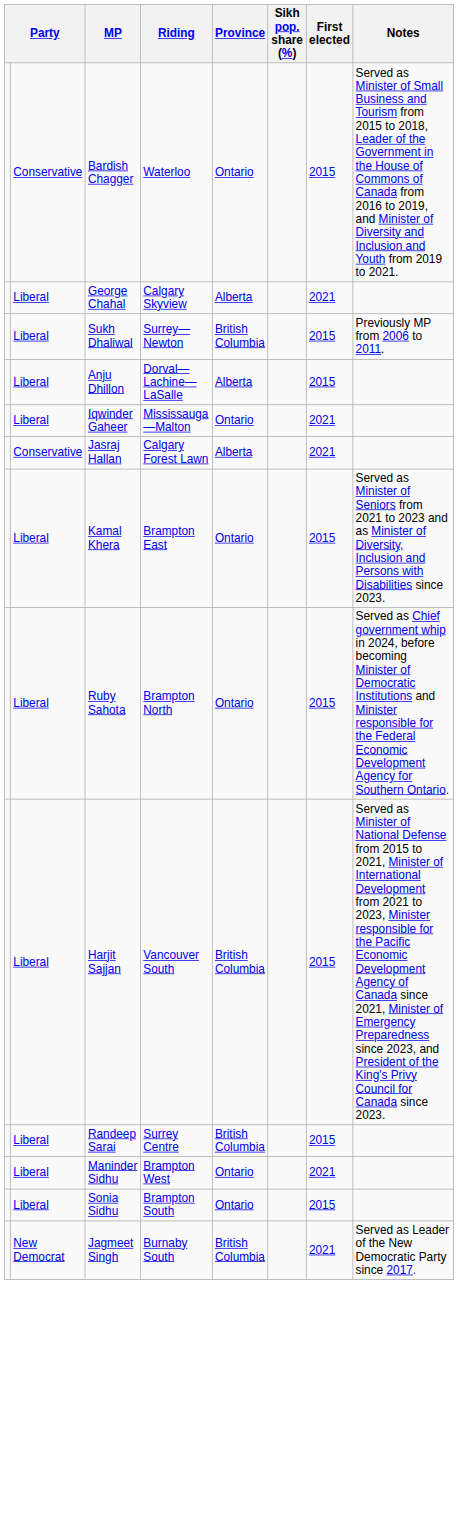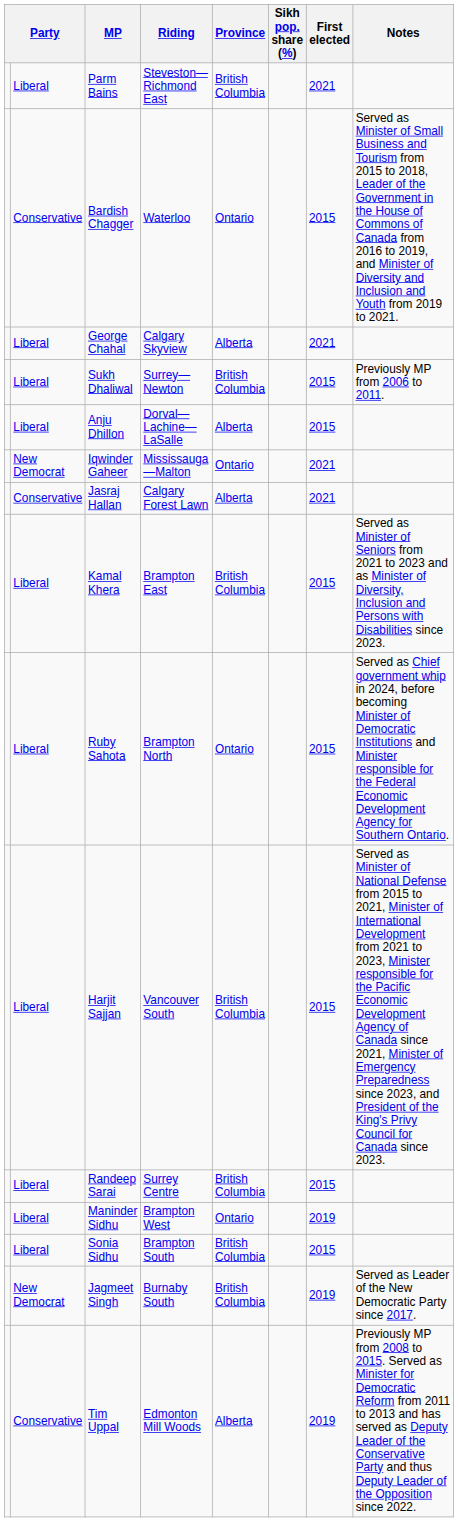 <table class="wikitable collapsible sortable">
 <tr>
 <th colspan="2"><a href='#'>Party</a></th>
 <th><a href='#'>MP</a></th>
 <th><a href='#'>Riding</a></th>
 <th><a href='#'>Province</a></th>
 <th>Sikh <a href='#'>pop.</a> share (<a href='#'>%</a>)</th>
 <th>First elected</th>
 <th>Notes</th>
+</tr>
+<tr>
+<td style="width:1px; background:"></td>
+<td><a href='#'>Liberal</a></td>
+<td><a href='#'>Parm Bains</a></td>
+<td><a href='#'>Steveston—Richmond East</a></td>
+<td><a href='#'>British Columbia</a></td>
+<td></td>
+<td><a href='#'>2021</a></td>
+<td></td>
 </tr>
 <tr>
 <td style="width:1px; background:"></td>
 <td><a href='#'>Conservative</a></td>
 <td><a href='#'>Bardish Chagger</a></td>
 <td><a href='#'>Waterloo</a></td>
 <td><a href='#'>Ontario</a></td>
 <td></td>
 <td><a href='#'>2015</a></td>
 <td>Served as <a href='#'>Minister of Small Business and Tourism</a> from 2015 to 2018, <a href='#'>Leader of the Government in the House of Commons of Canada</a> from 2016 to 2019, and <a href='#'>Minister of Diversity and Inclusion and Youth</a> from 2019 to 2021.</td>
 </tr>
 <tr>
 <td style="width:1px; background:"></td>
 <td><a href='#'>Liberal</a></td>
 <td><a href='#'>George Chahal</a></td>
 <td><a href='#'>Calgary Skyview</a></td>
 <td><a href='#'>Alberta</a></td>
 <td></td>
 <td><a href='#'>2021</a></td>
 <td></td>
 </tr>
 <tr>
 <td style="width:1px; background:"></td>
 <td><a href='#'>Liberal</a></td>
 <td><a href='#'>Sukh Dhaliwal</a></td>
 <td><a href='#'>Surrey—Newton</a></td>
 <td><a href='#'>British Columbia</a></td>
 <td></td>
 <td><a href='#'>2015</a></td>
 <td>Previously MP from <a href='#'>2006</a> to <a href='#'>2011</a>.</td>
 </tr>
 <tr>
 <td style="width:1px; background:"></td>
 <td><a href='#'>Liberal</a></td>
 <td><a href='#'>Anju Dhillon</a></td>
 <td><a href='#'>Dorval—Lachine—LaSalle</a></td>
 <td><a href='#'>Alberta</a></td>
 <td></td>
 <td><a href='#'>2015</a></td>
 <td></td>
 </tr>
 <tr>
 <td style="width:1px; background:"></td>
-<td><a href='#'>Liberal</a></td>
+<td><a href='#'>New Democrat</a></td>
 <td><a href='#'>Iqwinder Gaheer</a></td>
 <td><a href='#'>Mississauga—Malton</a></td>
 <td><a href='#'>Ontario</a></td>
 <td></td>
 <td><a href='#'>2021</a></td>
 <td></td>
 </tr>
 <tr>
 <td style="width:1px; background:"></td>
 <td><a href='#'>Conservative</a></td>
 <td><a href='#'>Jasraj Hallan</a></td>
 <td><a href='#'>Calgary Forest Lawn</a></td>
 <td><a href='#'>Alberta</a></td>
 <td></td>
 <td><a href='#'>2021</a></td>
 <td></td>
 </tr>
 <tr>
 <td style="width:1px; background:"></td>
 <td><a href='#'>Liberal</a></td>
 <td><a href='#'>Kamal Khera</a></td>
 <td><a href='#'>Brampton East</a></td>
-<td><a href='#'>Ontario</a></td>
+<td><a href='#'>British Columbia</a></td>
 <td></td>
 <td><a href='#'>2015</a></td>
 <td>Served as <a href='#'>Minister of Seniors</a> from 2021 to 2023 and as <a href='#'>Minister of Diversity, Inclusion and Persons with Disabilities</a> since 2023.</td>
 </tr>
 <tr>
 <td style="width:1px; background:"></td>
 <td><a href='#'>Liberal</a></td>
 <td><a href='#'>Ruby Sahota</a></td>
 <td><a href='#'>Brampton North</a></td>
 <td><a href='#'>Ontario</a></td>
 <td></td>
 <td><a href='#'>2015</a></td>
 <td>Served as <a href='#'>Chief government whip</a> in 2024, before becoming <a href='#'>Minister of Democratic Institutions</a> and <a href='#'>Minister responsible for the Federal Economic Development Agency for Southern Ontario</a>.</td>
 </tr>
 <tr>
 <td style="width:1px; background:"></td>
 <td><a href='#'>Liberal</a></td>
 <td><a href='#'>Harjit Sajjan</a></td>
 <td><a href='#'>Vancouver South</a></td>
 <td><a href='#'>British Columbia</a></td>
 <td></td>
 <td><a href='#'>2015</a></td>
 <td>Served as <a href='#'>Minister of National Defense</a> from 2015 to 2021, <a href='#'>Minister of International Development</a> from 2021 to 2023, <a href='#'>Minister responsible for the Pacific Economic Development Agency of Canada</a> since 2021, <a href='#'>Minister of Emergency Preparedness</a> since 2023, and <a href='#'>President of the King's Privy Council for Canada</a> since 2023.</td>
 </tr>
 <tr>
 <td style="width:1px; background:"></td>
 <td><a href='#'>Liberal</a></td>
 <td><a href='#'>Randeep Sarai</a></td>
 <td><a href='#'>Surrey Centre</a></td>
 <td><a href='#'>British Columbia</a></td>
 <td></td>
 <td><a href='#'>2015</a></td>
 <td></td>
 </tr>
 <tr>
 <td style="width:1px; background:"></td>
 <td><a href='#'>Liberal</a></td>
 <td><a href='#'>Maninder Sidhu</a></td>
 <td><a href='#'>Brampton West</a></td>
 <td><a href='#'>Ontario</a></td>
 <td></td>
-<td><a href='#'>2021</a></td>
+<td><a href='#'>2019</a></td>
 <td></td>
 </tr>
 <tr>
 <td style="width:1px; background:"></td>
 <td><a href='#'>Liberal</a></td>
 <td><a href='#'>Sonia Sidhu</a></td>
 <td><a href='#'>Brampton South</a></td>
-<td><a href='#'>Ontario</a></td>
+<td><a href='#'>British Columbia</a></td>
 <td></td>
 <td><a href='#'>2015</a></td>
 <td></td>
 </tr>
 <tr>
 <td style="width:1px; background:"></td>
 <td><a href='#'>New Democrat</a></td>
 <td><a href='#'>Jagmeet Singh</a></td>
 <td><a href='#'>Burnaby South</a></td>
 <td><a href='#'>British Columbia</a></td>
 <td></td>
-<td><a href='#'>2021</a></td>
+<td><a href='#'>2019</a></td>
 <td>Served as Leader of the New Democratic Party since <a href='#'>2017</a>.</td>
 </tr>
+<tr>
+<td style="width:1px; background:"></td>
+<td><a href='#'>Conservative</a></td>
+<td><a href='#'>Tim Uppal</a></td>
+<td><a href='#'>Edmonton Mill Woods</a></td>
+<td><a href='#'>Alberta</a></td>
+<td></td>
+<td><a href='#'>2019</a></td>
+<td>Previously MP from <a href='#'>2008</a> to <a href='#'>2015</a>. Served as <a href='#'>Minister for Democratic Reform</a> from 2011 to 2013 and has served as <a href='#'>Deputy Leader of the Conservative Party</a> and thus <a href='#'>Deputy Leader of the Opposition</a> since 2022.</td>
+</tr>
 </table>
